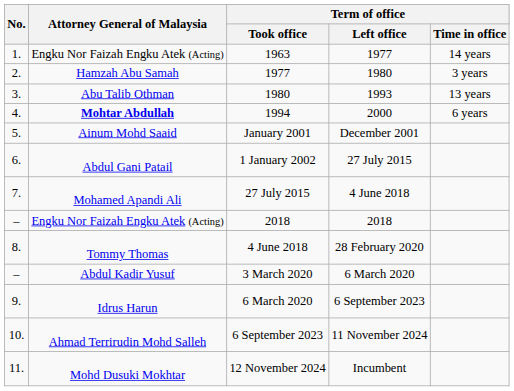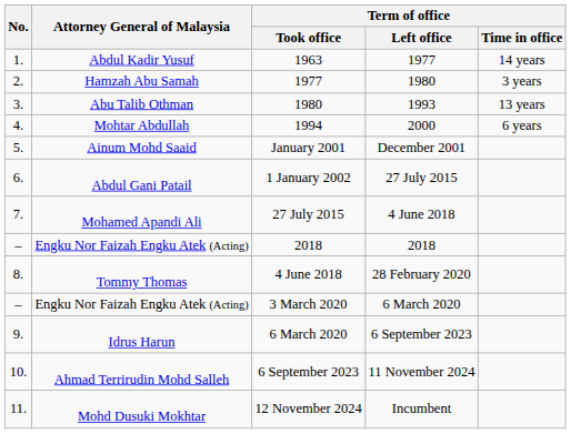 <table class="wikitable" style="text-align:center;">
 <tr style="background:#cccccc">
 <th rowspan=2>No.</th>
 <th rowspan=2>Attorney General of Malaysia</th>
 <th colspan=3>Term of office</th>
 </tr>
 <tr>
 <th>Took office</th>
 <th>Left office</th>
 <th>Time in office</th>
 </tr>
 <tr>
 <td>1.</td>
-<td>Engku Nor Faizah Engku Atek <small>(Acting)</small></td>
+<td><a href='#'>Abdul Kadir Yusuf</a></td>
 <td>1963</td>
 <td>1977</td>
 <td>14 years</td>
 </tr>
 <tr>
 <td>2.</td>
 <td><a href='#'>Hamzah Abu Samah</a></td>
 <td>1977</td>
 <td>1980</td>
 <td>3 years</td>
 </tr>
 <tr>
 <td>3.</td>
 <td><a href='#'>Abu Talib Othman</a></td>
 <td>1980</td>
 <td>1993</td>
 <td>13 years</td>
 </tr>
 <tr>
 <td>4.</td>
-<td><strong><a href='#'>Mohtar Abdullah</a></strong></td>
+<td><a href='#'>Mohtar Abdullah</a></td>
 <td>1994</td>
 <td>2000</td>
 <td>6 years</td>
 </tr>
 <tr>
 <td>5.</td>
 <td><a href='#'>Ainum Mohd Saaid</a></td>
 <td>January 2001</td>
 <td>December 2001</td>
 <td></td>
 </tr>
 <tr>
 <td>6.</td>
 <td> <br> <a href='#'>Abdul Gani Patail</a> <br> </td>
 <td>1 January 2002</td>
 <td>27 July 2015</td>
 <td></td>
 </tr>
 <tr>
 <td>7.</td>
 <td> <br> <a href='#'>Mohamed Apandi Ali</a>  <br> </td>
 <td>27 July 2015</td>
 <td>4 June 2018</td>
 <td></td>
 </tr>
 <tr>
 <td>–</td>
 <td><a href='#'>Engku Nor Faizah Engku Atek</a> <small>(Acting)</small></td>
 <td>2018</td>
 <td>2018</td>
 <td></td>
 </tr>
 <tr>
 <td>8.</td>
 <td> <br> <a href='#'>Tommy Thomas</a> <br> </td>
 <td>4 June 2018</td>
 <td>28 February 2020</td>
 <td></td>
 </tr>
 <tr>
 <td>–</td>
-<td><a href='#'>Abdul Kadir Yusuf</a></td>
+<td>Engku Nor Faizah Engku Atek <small>(Acting)</small></td>
 <td>3 March 2020</td>
 <td>6 March 2020</td>
 <td></td>
 </tr>
 <tr>
 <td>9.</td>
 <td> <br> <a href='#'>Idrus Harun</a>  <br> </td>
 <td>6 March 2020</td>
 <td>6 September 2023</td>
 <td></td>
 </tr>
 <tr>
 <td>10.</td>
 <td> <br> <a href='#'>Ahmad Terrirudin Mohd Salleh</a> <br> </td>
 <td>6 September 2023</td>
 <td>11 November 2024</td>
 <td></td>
 </tr>
 <tr>
 <td>11.</td>
 <td> <br> <a href='#'>Mohd Dusuki Mokhtar</a> <br> </td>
 <td>12 November 2024</td>
 <td>Incumbent</td>
 <td></td>
 </tr>
 </table>
